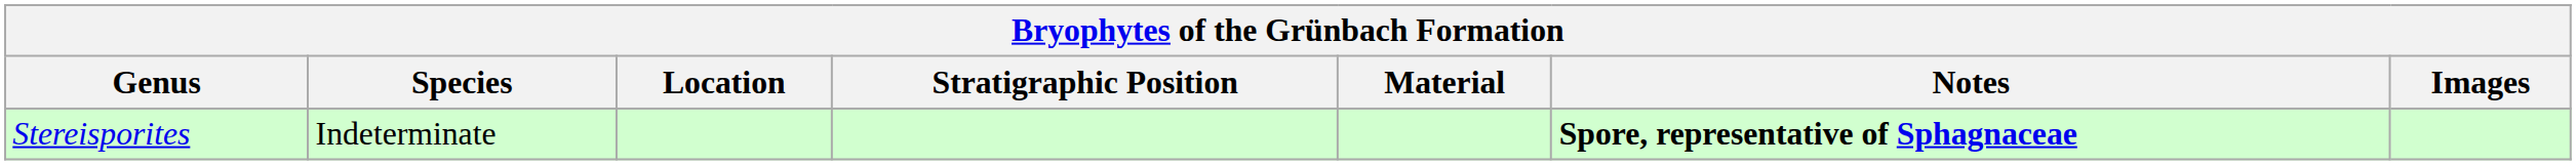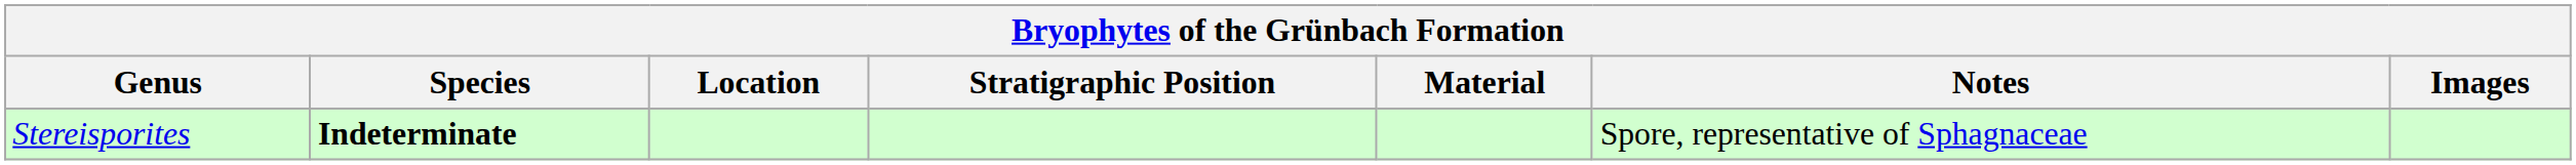 <table class="wikitable" style="margin:auto; width:100%;">
 <tr>
 <th colspan="7" style="text-align:center;"><a href='#'>Bryophytes</a> <strong>of the Grünbach Formation</strong></th>
 </tr>
 <tr>
 <th>Genus</th>
 <th>Species</th>
 <th>Location</th>
 <th>Stratigraphic Position</th>
 <th>Material</th>
 <th>Notes</th>
 <th>Images</th>
 </tr>
 <tr>
 <td style="background:#D1FFCF;"><em><a href='#'>Stereisporites</a></em></td>
-<td style="background:#D1FFCF;">Indeterminate</td>
+<td style="background:#D1FFCF;"><strong>Indeterminate</strong></td>
 <td style="background:#D1FFCF;"></td>
 <td style="background:#D1FFCF;"></td>
 <td style="background:#D1FFCF;"></td>
-<td style="background:#D1FFCF;"><strong>Spore, representative of <a href='#'>Sphagnaceae</a></strong></td>
+<td style="background:#D1FFCF;">Spore, representative of <a href='#'>Sphagnaceae</a></td>
 <td style="background:#D1FFCF;"></td>
 </tr>
 </table>
